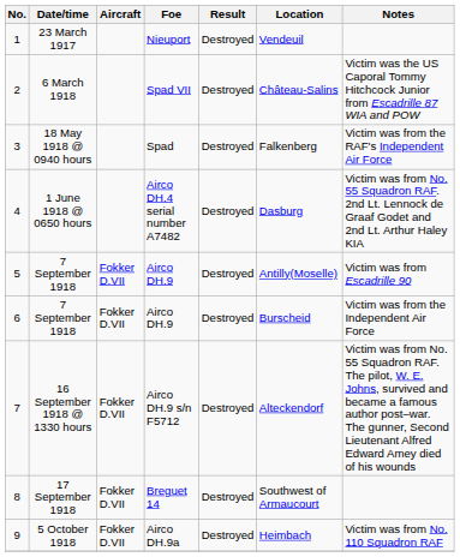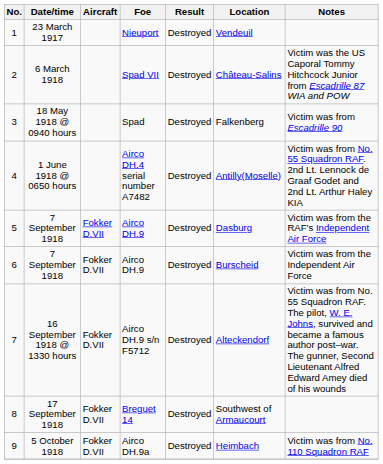 <table class="wikitable" border="1" style="margin: 1em auto 1em auto">
 <tr>
 <th>No.</th>
 <th>Date/time</th>
 <th>Aircraft</th>
 <th>Foe</th>
 <th>Result</th>
 <th>Location</th>
 <th>Notes</th>
 </tr>
 <tr>
 <td align="center">1</td>
 <td align="center">23 March 1917</td>
 <td></td>
 <td><a href='#'>Nieuport</a></td>
 <td>Destroyed</td>
 <td><a href='#'>Vendeuil</a></td>
 <td></td>
 </tr>
 <tr>
 <td align="center">2</td>
 <td align="center">6 March 1918</td>
 <td></td>
 <td><a href='#'>Spad VII</a></td>
 <td>Destroyed</td>
 <td><a href='#'>Château-Salins</a></td>
 <td>Victim was the US Caporal Tommy Hitchcock Junior from <em><a href='#'>Escadrille 87</a> WIA and POW</em></td>
 </tr>
 <tr>
 <td align="center">3</td>
 <td align="center">18 May 1918 @ 0940 hours</td>
 <td></td>
 <td>Spad</td>
 <td>Destroyed</td>
 <td>Falkenberg</td>
-<td>Victim was from the RAF's <a href='#'>Independent Air Force</a></td>
+<td>Victim was from <em><a href='#'>Escadrille 90</a></em></td>
 </tr>
 <tr>
 <td align="center">4</td>
 <td align="center">1 June 1918 @ 0650 hours</td>
 <td></td>
 <td><a href='#'>Airco DH.4</a> serial number A7482</td>
 <td>Destroyed</td>
-<td><a href='#'>Dasburg</a></td>
+<td><a href='#'>Antilly(Moselle)</a></td>
 <td>Victim was from <a href='#'>No. 55 Squadron RAF</a>. 2nd Lt. Lennock de Graaf Godet and 2nd Lt. Arthur Haley KIA</td>
 </tr>
 <tr>
 <td align="center">5</td>
 <td align="center">7 September 1918</td>
 <td><a href='#'>Fokker D.VII</a></td>
 <td><a href='#'>Airco DH.9</a></td>
 <td>Destroyed</td>
-<td><a href='#'>Antilly(Moselle)</a></td>
-<td>Victim was from <em><a href='#'>Escadrille 90</a></em></td>
+<td><a href='#'>Dasburg</a></td>
+<td>Victim was from the RAF's <a href='#'>Independent Air Force</a></td>
 </tr>
 <tr>
 <td align="center">6</td>
 <td align="center">7 September 1918</td>
 <td>Fokker D.VII</td>
 <td>Airco DH.9</td>
 <td>Destroyed</td>
 <td><a href='#'>Burscheid</a></td>
 <td>Victim was from the Independent Air Force</td>
 </tr>
 <tr>
 <td align="center">7</td>
 <td align="center">16 September 1918 @ 1330 hours</td>
 <td>Fokker D.VII</td>
 <td>Airco DH.9 s/n F5712</td>
 <td>Destroyed</td>
 <td><a href='#'>Alteckendorf</a></td>
 <td>Victim was from No. 55 Squadron RAF. The pilot, <a href='#'>W. E. Johns</a>, survived and became a famous author post–war. The gunner, Second Lieutenant Alfred Edward Amey died of his wounds</td>
 </tr>
 <tr>
 <td align="center">8</td>
 <td align="center">17 September 1918</td>
 <td>Fokker D.VII</td>
 <td><a href='#'>Breguet 14</a></td>
 <td>Destroyed</td>
 <td>Southwest of <a href='#'>Armaucourt</a></td>
 <td></td>
 </tr>
 <tr>
 <td align="center">9</td>
 <td align="center">5 October 1918</td>
 <td>Fokker D.VII</td>
 <td>Airco DH.9a</td>
 <td>Destroyed</td>
 <td><a href='#'>Heimbach</a></td>
 <td>Victim was from <a href='#'>No. 110 Squadron RAF</a></td>
 </tr>
 <tr>
 </tr>
 </table>
